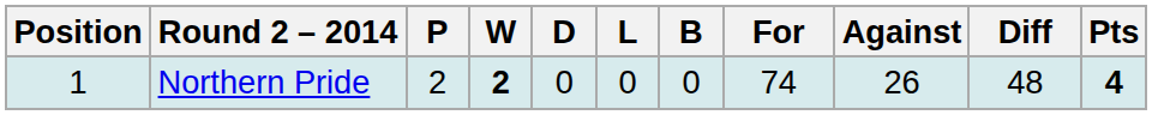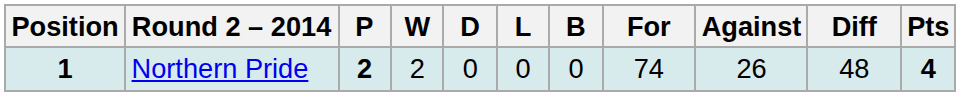 <table class="wikitable" style="text-align:center; font-size:85%;">
 <tr>
 <th width=40 abbr="Position">Position</th>
 <th width=100>Round 2 – 2014</th>
 <th width=20 abbr="Played">P</th>
 <th width=20 abbr="Won">W</th>
 <th width=20 abbr="Drawn">D</th>
 <th width=20 abbr="Lost">L</th>
 <th width=20 abbr="Bye">B</th>
 <th width=40 abbr="Points for">For</th>
 <th width=40 abbr="Points against">Against</th>
 <th width=40 abbr="Points difference">Diff</th>
 <th width=20 abbr="Points">Pts</th>
 </tr>
 <tr style="background: #d7ebed;">
-<td>1</td>
+<td><strong>1</strong></td>
 <td style="text-align:left;"> <a href='#'>Northern Pride</a></td>
+<td><strong>2</strong></td>
 <td>2</td>
-<td><strong>2</strong></td>
 <td>0</td>
 <td>0</td>
 <td>0</td>
 <td>74</td>
 <td>26</td>
 <td>48</td>
 <td><strong>4</strong></td>
 </tr>
 <tr>
 </tr>
 </table>
